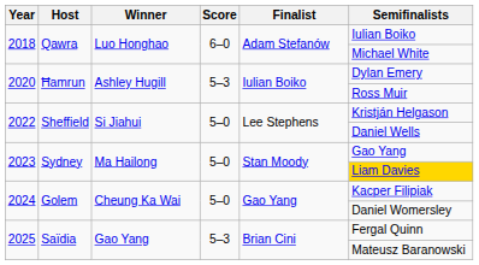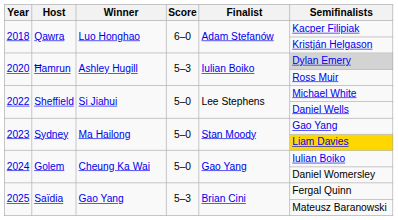 <table class="wikitable">
 <tr style="background:#EFEFEF;">
 <th>Year</th>
 <th>Host</th>
 <th style="width:15em">Winner</th>
 <th>Score</th>
 <th style="width:15em">Finalist</th>
 <th style="width:15em">Semifinalists</th>
 </tr>
 <tr>
 <td rowspan="2" style="text-align:center;"><a href='#'>2018</a></td>
 <td rowspan="2"> <a href='#'>Qawra</a></td>
 <td rowspan="2"> <a href='#'>Luo Honghao</a></td>
 <td rowspan="2" style="text-align:center;">6–0</td>
 <td rowspan="2"> <a href='#'>Adam Stefanów</a></td>
-<td> <a href='#'>Iulian Boiko</a></td>
+<td> <a href='#'>Kacper Filipiak</a></td>
 </tr>
 <tr>
-<td> <a href='#'>Michael White</a></td>
+<td> <a href='#'>Kristján Helgason</a></td>
 </tr>
 <tr>
 <td rowspan="2" style="text-align:center;"><a href='#'>2020</a></td>
 <td rowspan="2"> <a href='#'>Ħamrun</a></td>
 <td rowspan="2"> <a href='#'>Ashley Hugill</a></td>
 <td rowspan="2" style="text-align:center;">5–3</td>
 <td rowspan="2"> <a href='#'>Iulian Boiko</a></td>
-<td> <a href='#'>Dylan Emery</a></td>
+<td style="background: lightgrey;"> <a href='#'>Dylan Emery</a></td>
 </tr>
 <tr>
 <td> <a href='#'>Ross Muir</a></td>
 </tr>
 <tr>
 <td rowspan="2" style="text-align:center;"><a href='#'>2022</a></td>
 <td rowspan="2"> <a href='#'>Sheffield</a></td>
 <td rowspan="2"> <a href='#'>Si Jiahui</a></td>
 <td rowspan="2" style="text-align:center;">5–0</td>
 <td rowspan="2"> Lee Stephens</td>
-<td> <a href='#'>Kristján Helgason</a></td>
+<td> <a href='#'>Michael White</a></td>
 </tr>
 <tr>
 <td> <a href='#'>Daniel Wells</a></td>
 </tr>
 <tr>
 <td rowspan="2" style="text-align:center;"><a href='#'>2023</a></td>
 <td rowspan="2"> <a href='#'>Sydney</a></td>
 <td rowspan="2"> <a href='#'>Ma Hailong</a></td>
 <td rowspan="2" style="text-align:center;">5–0</td>
 <td rowspan="2"> <a href='#'>Stan Moody</a></td>
 <td> <a href='#'>Gao Yang</a></td>
 </tr>
 <tr>
 <td style="background: gold;"> <a href='#'>Liam Davies</a></td>
 </tr>
 <tr>
 <td rowspan="2" style="text-align:center;"><a href='#'>2024</a></td>
 <td rowspan="2"> <a href='#'>Golem</a></td>
 <td rowspan="2"> <a href='#'>Cheung Ka Wai</a></td>
 <td rowspan="2" style="text-align:center;">5–0</td>
 <td rowspan="2"> <a href='#'>Gao Yang</a></td>
-<td> <a href='#'>Kacper Filipiak</a></td>
+<td> <a href='#'>Iulian Boiko</a></td>
 </tr>
 <tr>
 <td> Daniel Womersley</td>
 </tr>
 <tr>
 <td rowspan="2" style="text-align:center;"><a href='#'>2025</a></td>
 <td rowspan="2"> <a href='#'>Saïdia</a></td>
 <td rowspan="2"> <a href='#'>Gao Yang</a></td>
 <td rowspan="2" style="text-align:center;">5–3</td>
 <td rowspan="2"> <a href='#'>Brian Cini</a></td>
 <td> Fergal Quinn</td>
 </tr>
 <tr>
 <td> Mateusz Baranowski</td>
 </tr>
 </table>
